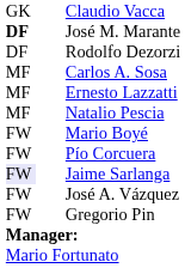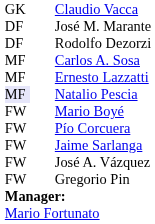 <table style="font-size:90%; margin:0.2em auto;" cellspacing="0" cellpadding="0">
 <tr>
 <th width="25"></th>
 <th width="25"></th>
 </tr>
 <tr>
 <td>GK</td>
 <td></td>
 <td> <a href='#'>Claudio Vacca</a></td>
 </tr>
 <tr>
-<td><strong>DF</strong></td>
+<td>DF</td>
 <td></td>
 <td> José M. Marante</td>
 </tr>
 <tr>
 <td>DF</td>
 <td></td>
 <td> Rodolfo Dezorzi</td>
 </tr>
 <tr>
 <td>MF</td>
 <td></td>
 <td> <a href='#'>Carlos A. Sosa</a></td>
 </tr>
 <tr>
 <td>MF</td>
 <td></td>
 <td> <a href='#'>Ernesto Lazzatti</a></td>
 </tr>
 <tr>
-<td>MF</td>
+<td style="background: lavender;">MF</td>
 <td></td>
 <td> <a href='#'>Natalio Pescia</a></td>
 </tr>
 <tr>
 <td>FW</td>
 <td></td>
 <td> <a href='#'>Mario Boyé</a></td>
 </tr>
 <tr>
 <td>FW</td>
 <td></td>
 <td> <a href='#'>Pío Corcuera</a></td>
 </tr>
 <tr>
-<td style="background: lavender;">FW</td>
+<td>FW</td>
 <td></td>
 <td> <a href='#'>Jaime Sarlanga</a></td>
 </tr>
 <tr>
 <td>FW</td>
 <td></td>
 <td> José A. Vázquez</td>
 </tr>
 <tr>
 <td>FW</td>
 <td></td>
 <td> Gregorio Pin</td>
 </tr>
 <tr>
 <td colspan=3><strong>Manager:</strong></td>
 </tr>
 <tr>
 <td colspan=4> <a href='#'>Mario Fortunato</a></td>
 </tr>
 </table>
